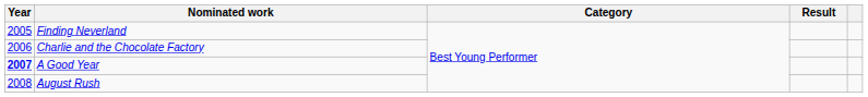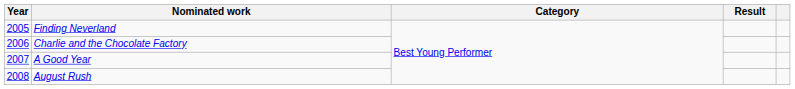 <table class="wikitable">
 <tr>
 <th scope="col" style="width:1em;">Year</th>
 <th scope="col" style="width:39em;">Nominated work</th>
 <th scope="col" style="width:36em;">Category</th>
 <th scope="col" style="width:5em;">Result</th>
 <th scope="col" style="width:1em;"></th>
 </tr>
 <tr>
 <td><a href='#'>2005</a></td>
 <td><em><a href='#'>Finding Neverland</a></em></td>
 <td rowspan="4"><a href='#'>Best Young Performer</a></td>
 <td></td>
 <td></td>
 </tr>
 <tr>
 <td><a href='#'>2006</a></td>
 <td><em><a href='#'>Charlie and the Chocolate Factory</a></em></td>
 <td></td>
 <td></td>
 </tr>
 <tr>
-<td><strong><a href='#'>2007</a></strong></td>
+<td><a href='#'>2007</a></td>
 <td><em><a href='#'>A Good Year</a></em></td>
 <td></td>
 <td></td>
 </tr>
 <tr>
 <td><a href='#'>2008</a></td>
 <td><em><a href='#'>August Rush</a></em></td>
 <td></td>
 <td></td>
 </tr>
 </table>
